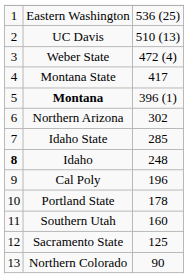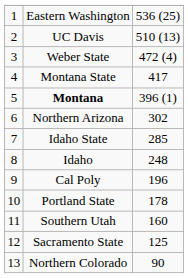 <table class="wikitable" style="display: inline-table;">
 <tr align="center">
 </tr>
 <tr align="center">
 <td>1</td>
 <td>Eastern Washington</td>
 <td>536 (25)</td>
 </tr>
 <tr align="center">
 <td>2</td>
 <td>UC Davis</td>
 <td>510 (13)</td>
 </tr>
 <tr align="center">
 <td>3</td>
 <td>Weber State</td>
 <td>472 (4)</td>
 </tr>
 <tr align="center">
 <td>4</td>
 <td>Montana State</td>
 <td>417</td>
 </tr>
 <tr align="center">
 <td>5</td>
 <td><strong>Montana</strong></td>
 <td>396 (1)</td>
 </tr>
 <tr align="center">
 <td>6</td>
 <td>Northern Arizona</td>
 <td>302</td>
 </tr>
 <tr align="center">
 <td>7</td>
 <td>Idaho State</td>
 <td>285</td>
 </tr>
 <tr align="center">
-<td><strong>8</strong></td>
+<td>8</td>
 <td>Idaho</td>
 <td>248</td>
 </tr>
 <tr align="center">
 <td>9</td>
 <td>Cal Poly</td>
 <td>196</td>
 </tr>
 <tr align="center">
 <td>10</td>
 <td>Portland State</td>
 <td>178</td>
 </tr>
 <tr align="center">
 <td>11</td>
 <td>Southern Utah</td>
 <td>160</td>
 </tr>
 <tr align="center">
 <td>12</td>
 <td>Sacramento State</td>
 <td>125</td>
 </tr>
 <tr align="center">
 <td>13</td>
 <td>Northern Colorado</td>
 <td>90</td>
 </tr>
 </table>
